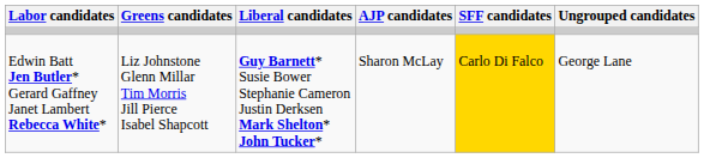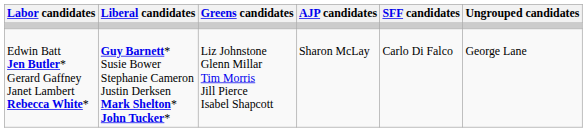 <table class="wikitable">
 <tr>
 <th><a href='#'>Labor</a> candidates</th>
+<th><a href='#'>Liberal</a> candidates</th>
 <th><a href='#'>Greens</a> candidates</th>
-<th><a href='#'>Liberal</a> candidates</th>
 <th><a href='#'>AJP</a> candidates</th>
 <th><a href='#'>SFF</a> candidates</th>
 <th>Ungrouped candidates</th>
 </tr>
 <tr bgcolor="#cccccc">
 <td></td>
 <td></td>
 <td></td>
 <td></td>
 <td></td>
 <td></td>
 </tr>
 <tr>
 <td valign=top ><br>Edwin Batt<br> <strong><a href='#'>Jen Butler</a></strong>*<br> Gerard Gaffney<br> Janet Lambert<br> <strong><a href='#'>Rebecca White</a></strong>*</td>
+<td valign=top ><br><strong><a href='#'>Guy Barnett</a></strong>*<br> Susie Bower<br> Stephanie Cameron<br> Justin Derksen<br> <strong><a href='#'>Mark Shelton</a></strong>*<br> <strong><a href='#'>John Tucker</a></strong>*<br></td>
 <td valign=top><br>Liz Johnstone<br> Glenn Millar<br> <a href='#'>Tim Morris</a><br> Jill Pierce<br> Isabel Shapcott</td>
-<td valign=top ><br><strong><a href='#'>Guy Barnett</a></strong>*<br> Susie Bower<br> Stephanie Cameron<br> Justin Derksen<br> <strong><a href='#'>Mark Shelton</a></strong>*<br> <strong><a href='#'>John Tucker</a></strong>*<br></td>
 <td valign=top><br>Sharon McLay</td>
-<td valign=top style="background: gold;"><br>Carlo Di Falco</td>
+<td valign=top><br>Carlo Di Falco</td>
 <td valign=top><br>George Lane</td>
 </tr>
 </table>
